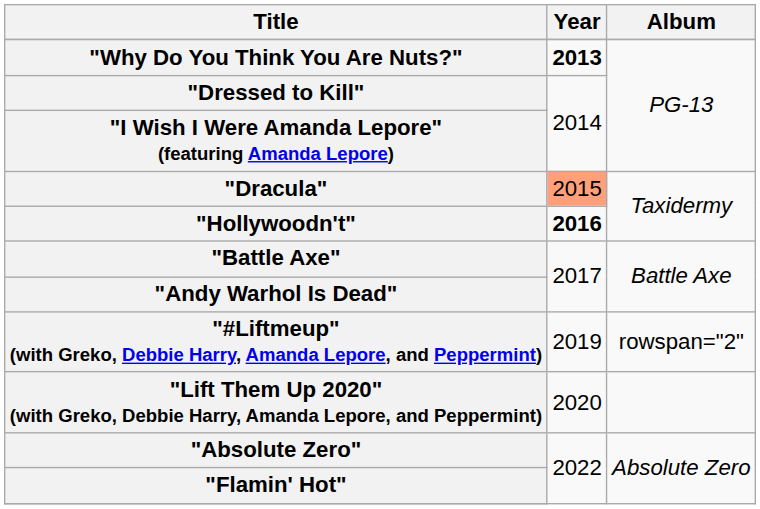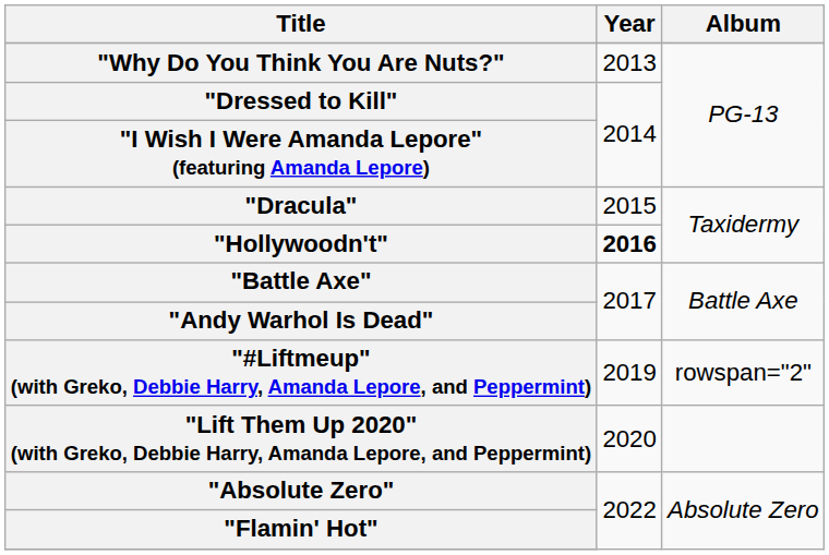 <table class="wikitable plainrowheaders" style="text-align:center;" border="1">
 <tr>
 <th>Title</th>
 <th>Year</th>
 <th>Album</th>
 </tr>
 <tr style="font-size:smaller;">
 </tr>
 <tr>
 <th scope="row">"Why Do You Think You Are Nuts?"</th>
-<td><strong>2013</strong></td>
+<td>2013</td>
 <td rowspan="3"><em>PG-13</em></td>
 </tr>
 <tr>
 <th scope="row">"Dressed to Kill"</th>
 <td rowspan="2">2014</td>
 </tr>
 <tr>
 <th scope="row">"I Wish I Were Amanda Lepore"<br><small>(featuring <a href='#'>Amanda Lepore</a>)</small></th>
 </tr>
 <tr>
 <th scope="row">"Dracula"</th>
-<td rowspan="1" style="background: lightsalmon;">2015</td>
+<td rowspan="1">2015</td>
 <td rowspan="2"><em>Taxidermy</em></td>
 </tr>
 <tr>
 <th scope="row">"Hollywoodn't"</th>
 <td rowspan="1"><strong>2016</strong></td>
 </tr>
 <tr>
 <th scope="row">"Battle Axe"</th>
 <td rowspan="2">2017</td>
 <td rowspan="2"><em>Battle Axe</em></td>
 </tr>
 <tr>
 <th scope="row">"Andy Warhol Is Dead"</th>
 </tr>
 <tr>
 <th scope="row">"#Liftmeup"<br><small>(with Greko, <a href='#'>Debbie Harry</a>, <a href='#'>Amanda Lepore</a>, and <a href='#'>Peppermint</a>)</small></th>
 <td>2019</td>
 <td>rowspan="2" </td>
 </tr>
 <tr>
 <th scope="row">"Lift Them Up 2020"<br><small>(with Greko, Debbie Harry, Amanda Lepore, and Peppermint)</small></th>
 <td>2020</td>
 </tr>
 <tr>
 <th scope="row">"Absolute Zero"</th>
 <td rowspan="3">2022</td>
 <td rowspan="3"><em>Absolute Zero</em></td>
 </tr>
 <tr>
 <th scope= "row">"Flamin' Hot"</th>
 </tr>
 <tr>
 </tr>
 </table>
